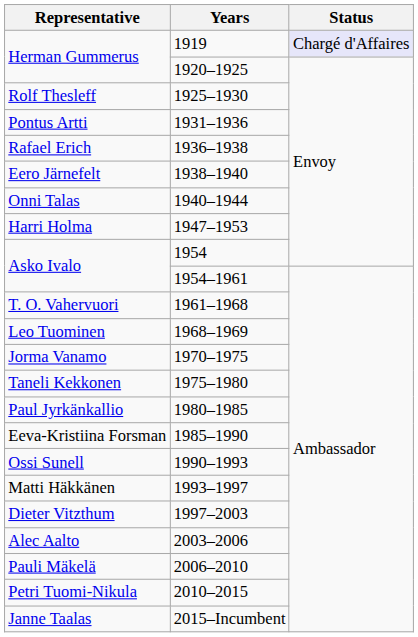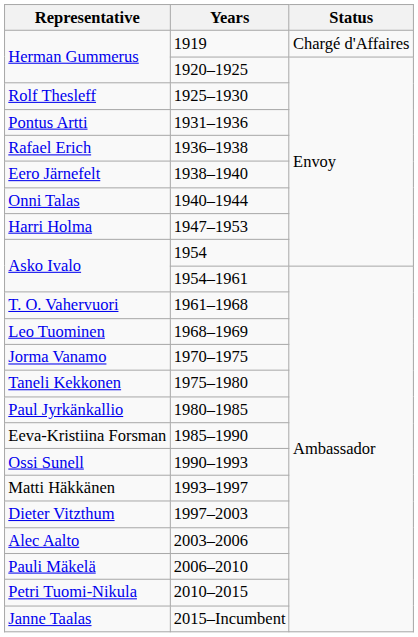 <table class="wikitable sortable">
 <tr>
 <th>Representative</th>
 <th>Years</th>
 <th>Status</th>
 </tr>
 <tr>
 <td rowspan="2"><a href='#'>Herman Gummerus</a></td>
 <td>1919</td>
-<td style="background: lavender;">Chargé d'Affaires</td>
+<td>Chargé d'Affaires</td>
 </tr>
 <tr>
 <td>1920–1925</td>
 <td rowspan="8">Envoy</td>
 </tr>
 <tr>
 <td><a href='#'>Rolf Thesleff</a></td>
 <td>1925–1930</td>
 </tr>
 <tr>
 <td><a href='#'>Pontus Artti</a></td>
 <td>1931–1936</td>
 </tr>
 <tr>
 <td><a href='#'>Rafael Erich</a></td>
 <td>1936–1938</td>
 </tr>
 <tr>
 <td><a href='#'>Eero Järnefelt</a></td>
 <td>1938–1940</td>
 </tr>
 <tr>
 <td><a href='#'>Onni Talas</a></td>
 <td>1940–1944</td>
 </tr>
 <tr>
 <td><a href='#'>Harri Holma</a></td>
 <td>1947–1953</td>
 </tr>
 <tr>
 <td rowspan="2"><a href='#'>Asko Ivalo</a></td>
 <td>1954</td>
 </tr>
 <tr>
 <td>1954–1961</td>
 <td rowspan="14">Ambassador</td>
 </tr>
 <tr>
 <td><a href='#'>T. O. Vahervuori</a></td>
 <td>1961–1968</td>
 </tr>
 <tr>
 <td><a href='#'>Leo Tuominen</a></td>
 <td>1968–1969</td>
 </tr>
 <tr>
 <td><a href='#'>Jorma Vanamo</a></td>
 <td>1970–1975</td>
 </tr>
 <tr>
 <td><a href='#'>Taneli Kekkonen</a></td>
 <td>1975–1980</td>
 </tr>
 <tr>
 <td><a href='#'>Paul Jyrkänkallio</a></td>
 <td>1980–1985</td>
 </tr>
 <tr>
 <td>Eeva-Kristiina Forsman</td>
 <td>1985–1990</td>
 </tr>
 <tr>
 <td><a href='#'>Ossi Sunell</a></td>
 <td>1990–1993</td>
 </tr>
 <tr>
 <td>Matti Häkkänen</td>
 <td>1993–1997</td>
 </tr>
 <tr>
 <td><a href='#'>Dieter Vitzthum</a></td>
 <td>1997–2003</td>
 </tr>
 <tr>
 <td><a href='#'>Alec Aalto</a></td>
 <td>2003–2006</td>
 </tr>
 <tr>
 <td><a href='#'>Pauli Mäkelä</a></td>
 <td>2006–2010</td>
 </tr>
 <tr>
 <td><a href='#'>Petri Tuomi-Nikula</a></td>
 <td>2010–2015</td>
 </tr>
 <tr>
 <td><a href='#'>Janne Taalas</a></td>
 <td>2015–Incumbent</td>
 </tr>
 </table>
